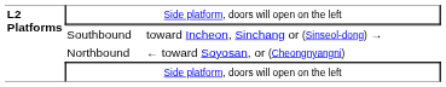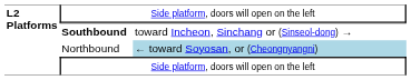 <table table border=0 cellspacing=0 cellpadding=3>
 <tr>
 <td style="border-top:solid 1px gray;border-bottom:solid 1px gray;" width=50 rowspan=10 valign=top><strong>L2<br>Platforms</strong></td>
 <td style="border-top:solid 1px gray;border-right:solid 2px black;border-left:solid 2px black;border-bottom:solid 2px black;text-align:center;" colspan=2><small><a href='#'>Side platform</a>, doors will open on the left</small></td>
 </tr>
 <tr>
-<td style="border-bottom:solid 0px gray;border-top:solid 1px gray;" width=100>Southbound</td>
+<td style="border-bottom:solid 0px gray;border-top:solid 1px gray;" width=100><strong>Southbound</strong></td>
 <td style="border-bottom:solid 0px gray;border-top:solid 1px gray;" width=390>  toward <a href='#'>Incheon</a>, <a href='#'>Sinchang</a> or  <small>(<a href='#'>Sinseol-dong</a>)</small> →</td>
 </tr>
 <tr>
 <td>Northbound</td>
-<td>←  toward <a href='#'>Soyosan</a>,  or  <small>(<a href='#'>Cheongnyangni</a>)</small></td>
+<td style="background: lightblue;">←  toward <a href='#'>Soyosan</a>,  or  <small>(<a href='#'>Cheongnyangni</a>)</small></td>
 </tr>
 <tr>
 <td style="border-top:solid 2px black;border-right:solid 2px black;border-left:solid 2px black;border-bottom:solid 1px gray;text-align:center;" colspan=2><small><a href='#'>Side platform</a>, doors will open on the left</small></td>
 </tr>
 </table>
